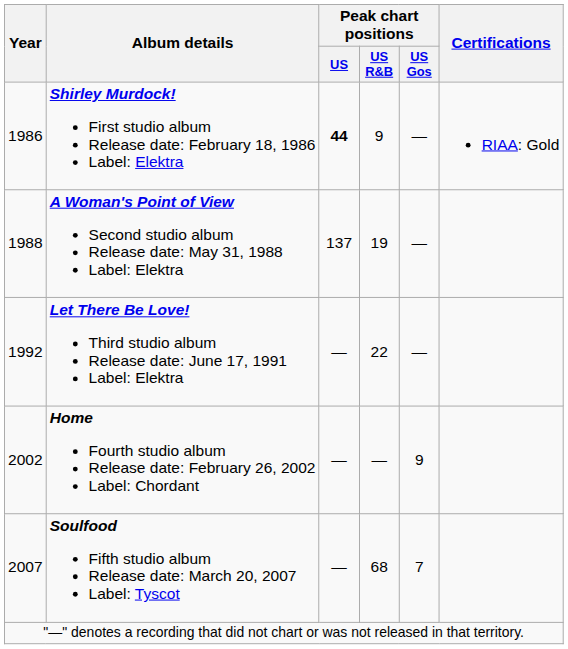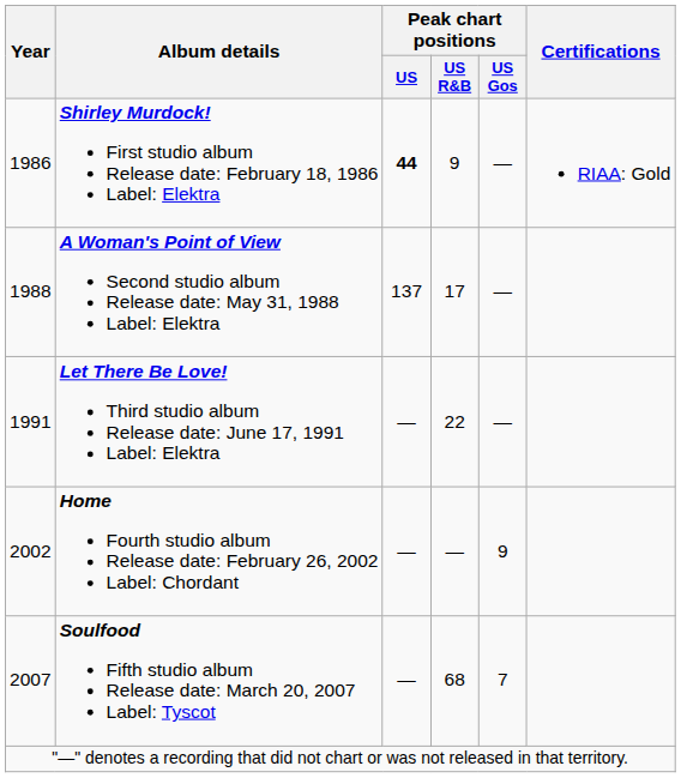 <table class="wikitable" style="text-align:center;">
 <tr>
 <th rowspan="2">Year</th>
 <th rowspan="2">Album details</th>
 <th colspan="3">Peak chart positions</th>
 <th rowspan="2"><a href='#'>Certifications</a></th>
 </tr>
 <tr style="font-size:smaller;">
 <th width="35"><a href='#'>US</a><br></th>
 <th width="35"><a href='#'>US R&B</a><br></th>
 <th width="35"><a href='#'>US<br>Gos</a><br></th>
 </tr>
 <tr>
 <td>1986</td>
 <td align="left"><strong><em><a href='#'>Shirley Murdock!</a></em></strong><br><ul><li>First studio album</li><li>Release date: February 18, 1986</li><li>Label: <a href='#'>Elektra</a></li></ul></td>
 <td><strong>44</strong></td>
 <td>9</td>
 <td>—</td>
 <td align=left><br><ul><li><a href='#'>RIAA</a>: Gold</li></ul></td>
 </tr>
 <tr>
 <td>1988</td>
 <td align="left"><strong><em><a href='#'>A Woman's Point of View</a></em></strong><br><ul><li>Second studio album</li><li>Release date: May 31, 1988</li><li>Label: Elektra</li></ul></td>
 <td>137</td>
-<td>19</td>
+<td>17</td>
 <td>—</td>
 <td align=left></td>
 </tr>
 <tr>
-<td>1992</td>
+<td>1991</td>
 <td align="left"><strong><em><a href='#'>Let There Be Love!</a></em></strong><br><ul><li>Third studio album</li><li>Release date: June 17, 1991</li><li>Label: Elektra</li></ul></td>
 <td>—</td>
 <td>22</td>
 <td>—</td>
 <td align=left></td>
 </tr>
 <tr>
 <td>2002</td>
 <td align="left"><strong><em>Home</em></strong><br><ul><li>Fourth studio album</li><li>Release date: February 26, 2002</li><li>Label: Chordant</li></ul></td>
 <td>—</td>
 <td>—</td>
 <td>9</td>
 <td align=left></td>
 </tr>
 <tr>
 <td>2007</td>
 <td align="left"><strong><em>Soulfood</em></strong><br><ul><li>Fifth studio album</li><li>Release date: March 20, 2007</li><li>Label: <a href='#'>Tyscot</a></li></ul></td>
 <td>—</td>
 <td>68</td>
 <td>7</td>
 <td align=left></td>
 </tr>
 <tr>
 <td colspan="15" style="font-size:90%">"—" denotes a recording that did not chart or was not released in that territory.</td>
 </tr>
 </table>
